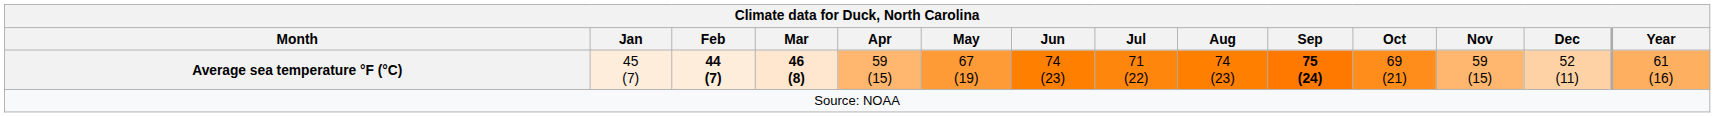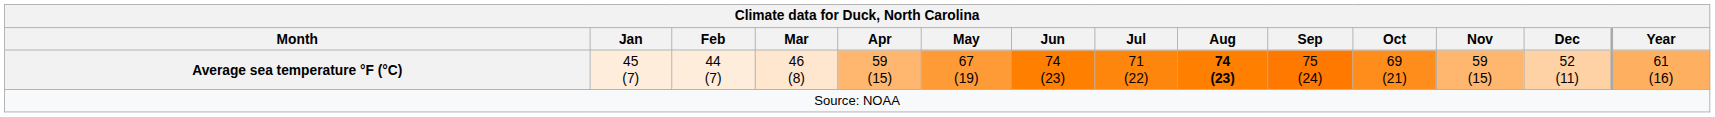 <table style="width:100%;text-align:center;line-height:1.2em;margin-left:auto;margin-right:auto" class="wikitable mw-collapsible mw-collapsed">
 <tr>
 <th Colspan=14>Climate data for Duck, North Carolina</th>
 </tr>
 <tr>
 <th>Month</th>
 <th>Jan</th>
 <th>Feb</th>
 <th>Mar</th>
 <th>Apr</th>
 <th>May</th>
 <th>Jun</th>
 <th>Jul</th>
 <th>Aug</th>
 <th>Sep</th>
 <th>Oct</th>
 <th>Nov</th>
 <th>Dec</th>
 <th style="border-left-width:medium">Year</th>
 </tr>
 <tr>
 <th>Average sea temperature °F (°C)</th>
 <td style="background:#FFEDDC;color:#000000;">45<br>(7)</td>
-<td style="background:#FFEDDC;color:#000000;"><strong>44<br>(7)</strong></td>
-<td style="background:#FFE6CE;color:#000000;"><strong>46<br>(8)</strong></td>
+<td style="background:#FFEDDC;color:#000000;">44<br>(7)</td>
+<td style="background:#FFE6CE;color:#000000;">46<br>(8)</td>
 <td style="background:#FFB66E;color:#000000;">59<br>(15)</td>
 <td style="background:#FF9B37;color:#000000;">67<br>(19)</td>
 <td style="background:#FF7F00;color:#000000;">74<br>(23)</td>
 <td style="background:#FF860D;color:#000000;">71<br>(22)</td>
-<td style="background:#FF7F00;color:#000000;">74<br>(23)</td>
-<td style="background:#FF7800;color:#000000;"><strong>75<br>(24)</strong></td>
+<td style="background:#FF7F00;color:#000000;"><strong>74<br>(23)</strong></td>
+<td style="background:#FF7800;color:#000000;">75<br>(24)</td>
 <td style="background:#FF8D1B;color:#000000;">69<br>(21)</td>
 <td style="background:#FFB66E;color:#000000;">59<br>(15)</td>
 <td style="background:#FFD2A5;color:#000000;">52<br>(11)</td>
 <td style="background:#FFAF60;color:#000000;border-left-width:medium">61<br>(16)</td>
 </tr>
 <tr>
 <th Colspan=14 style="background:#f8f9fa;font-weight:normal;font-size:95%;">Source: NOAA</th>
 </tr>
 </table>
